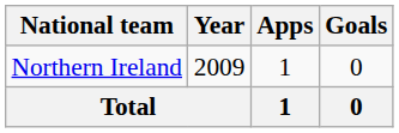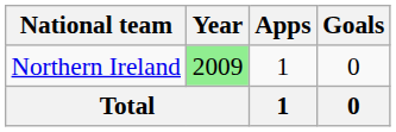 <table class="wikitable" style="text-align:center">
 <tr>
 <th>National team</th>
 <th>Year</th>
 <th>Apps</th>
 <th>Goals</th>
 </tr>
 <tr>
 <td><a href='#'>Northern Ireland</a></td>
-<td>2009</td>
+<td style="background: lightgreen;">2009</td>
 <td>1</td>
 <td>0</td>
 </tr>
 <tr>
 <th colspan="2">Total</th>
 <th>1</th>
 <th>0</th>
 </tr>
 </table>
